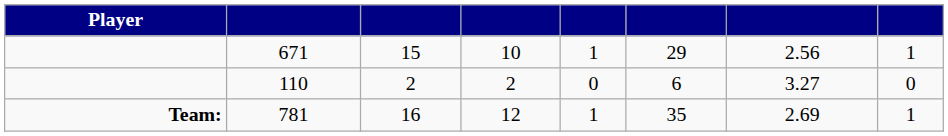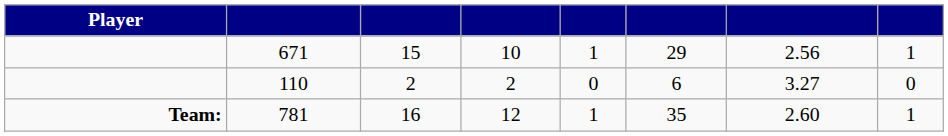 <table style="width:60%;" class="wikitable sortable">
 <tr>
 <th style="color:white; background:#000084; ">Player</th>
 <th style="color:white; background:#000084; "></th>
 <th style="color:white; background:#000084; "></th>
 <th style="color:white; background:#000084; "></th>
 <th style="color:white; background:#000084; "></th>
 <th style="color:white; background:#000084; "></th>
 <th style="color:white; background:#000084; "></th>
 <th style="color:white; background:#000084; "></th>
 </tr>
 <tr align="center">
 <td align="right"></td>
 <td>671</td>
 <td>15</td>
 <td>10</td>
 <td>1</td>
 <td>29</td>
 <td>2.56</td>
 <td>1</td>
 </tr>
 <tr align="center">
 <td align="right"></td>
 <td>110</td>
 <td>2</td>
 <td>2</td>
 <td>0</td>
 <td>6</td>
 <td>3.27</td>
 <td>0</td>
 </tr>
 <tr align="center">
 <td align="right"><strong>Team:</strong></td>
 <td>781</td>
 <td>16</td>
 <td>12</td>
 <td>1</td>
 <td>35</td>
-<td>2.69</td>
+<td>2.60</td>
 <td>1</td>
 </tr>
 </table>
